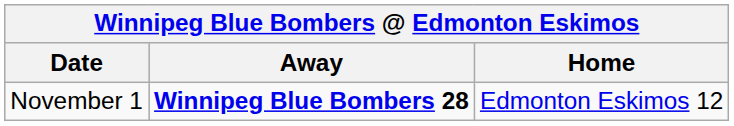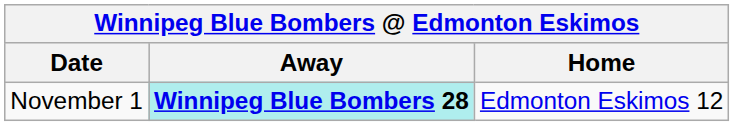 <table class="wikitable">
 <tr>
 <th colspan=4><a href='#'>Winnipeg Blue Bombers</a> @ <a href='#'>Edmonton Eskimos</a></th>
 </tr>
 <tr>
 <th>Date</th>
 <th>Away</th>
 <th>Home</th>
 </tr>
 <tr>
 <td>November 1</td>
-<td><strong><a href='#'>Winnipeg Blue Bombers</a> 28</strong></td>
+<td style="background: paleturquoise;"><strong><a href='#'>Winnipeg Blue Bombers</a> 28</strong></td>
 <td><a href='#'>Edmonton Eskimos</a> 12</td>
 </tr>
 </table>
